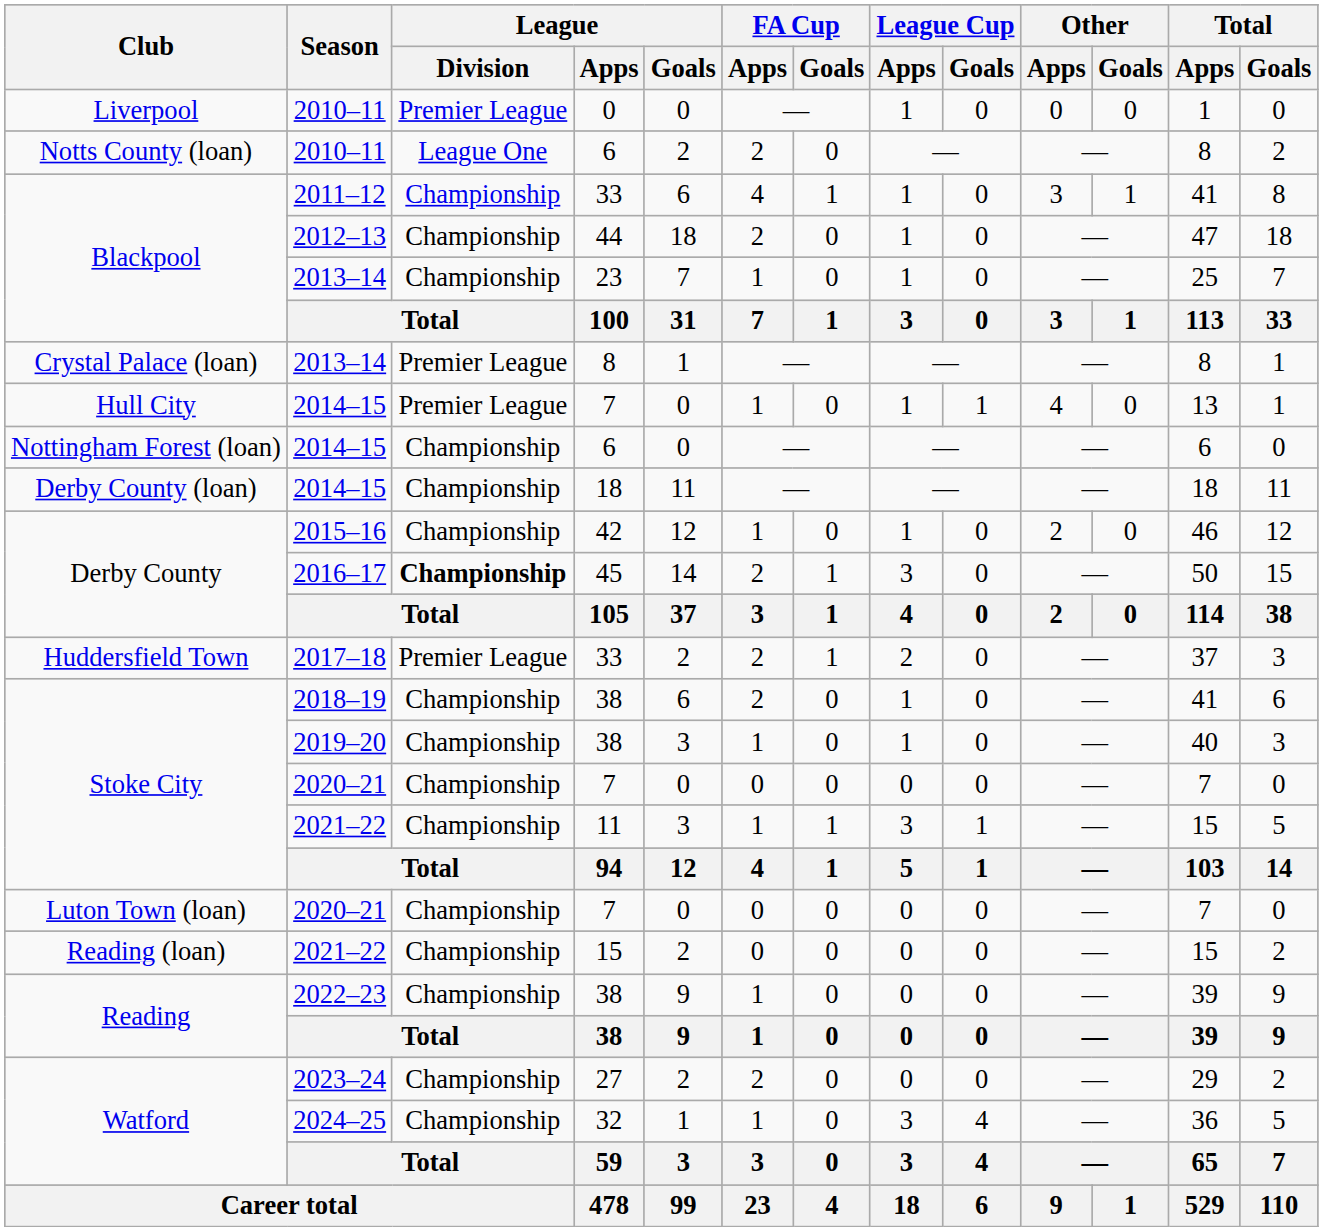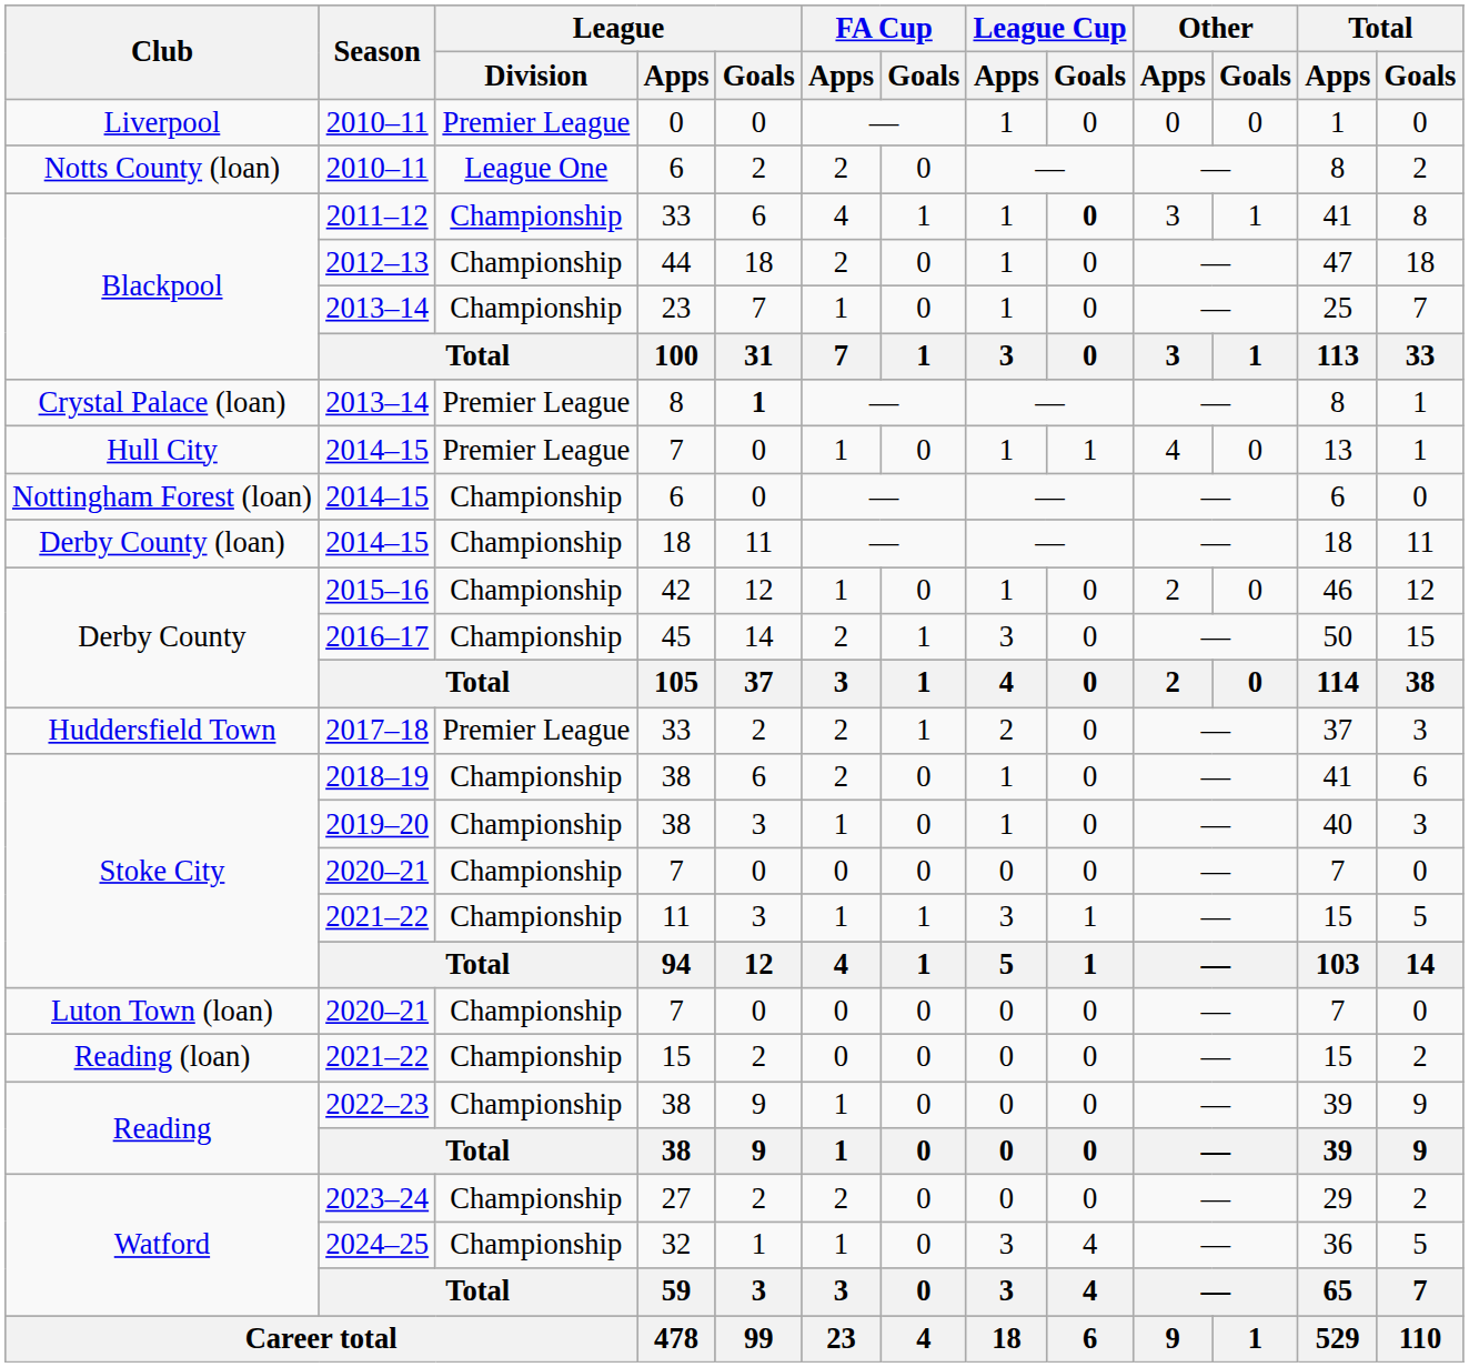 <table class=wikitable style=text-align:center>
 <tr>
 <th rowspan="2">Club</th>
 <th rowspan="2">Season</th>
 <th colspan="3">League</th>
 <th colspan="2"><a href='#'>FA Cup</a></th>
 <th colspan="2"><a href='#'>League Cup</a></th>
 <th colspan="2">Other</th>
 <th colspan="2">Total</th>
 </tr>
 <tr>
 <th>Division</th>
 <th>Apps</th>
 <th>Goals</th>
 <th>Apps</th>
 <th>Goals</th>
 <th>Apps</th>
 <th>Goals</th>
 <th>Apps</th>
 <th>Goals</th>
 <th>Apps</th>
 <th>Goals</th>
 </tr>
 <tr>
 <td><a href='#'>Liverpool</a></td>
 <td><a href='#'>2010–11</a></td>
 <td><a href='#'>Premier League</a></td>
 <td>0</td>
 <td>0</td>
 <td colspan="2">—</td>
 <td>1</td>
 <td>0</td>
 <td>0</td>
 <td>0</td>
 <td>1</td>
 <td>0</td>
 </tr>
 <tr>
 <td><a href='#'>Notts County</a> (loan)</td>
 <td><a href='#'>2010–11</a></td>
 <td><a href='#'>League One</a></td>
 <td>6</td>
 <td>2</td>
 <td>2</td>
 <td>0</td>
 <td colspan="2">—</td>
 <td colspan="2">—</td>
 <td>8</td>
 <td>2</td>
 </tr>
 <tr>
 <td rowspan="4"><a href='#'>Blackpool</a></td>
 <td><a href='#'>2011–12</a></td>
 <td><a href='#'>Championship</a></td>
 <td>33</td>
 <td>6</td>
 <td>4</td>
 <td>1</td>
 <td>1</td>
-<td>0</td>
+<td><strong>0</strong></td>
 <td>3</td>
 <td>1</td>
 <td>41</td>
 <td>8</td>
 </tr>
 <tr>
 <td><a href='#'>2012–13</a></td>
 <td>Championship</td>
 <td>44</td>
 <td>18</td>
 <td>2</td>
 <td>0</td>
 <td>1</td>
 <td>0</td>
 <td colspan="2">—</td>
 <td>47</td>
 <td>18</td>
 </tr>
 <tr>
 <td><a href='#'>2013–14</a></td>
 <td>Championship</td>
 <td>23</td>
 <td>7</td>
 <td>1</td>
 <td>0</td>
 <td>1</td>
 <td>0</td>
 <td colspan="2">—</td>
 <td>25</td>
 <td>7</td>
 </tr>
 <tr>
 <th colspan="2">Total</th>
 <th>100</th>
 <th>31</th>
 <th>7</th>
 <th>1</th>
 <th>3</th>
 <th>0</th>
 <th>3</th>
 <th>1</th>
 <th>113</th>
 <th>33</th>
 </tr>
 <tr>
 <td><a href='#'>Crystal Palace</a> (loan)</td>
 <td><a href='#'>2013–14</a></td>
 <td>Premier League</td>
 <td>8</td>
-<td>1</td>
+<td><strong>1</strong></td>
 <td colspan="2">—</td>
 <td colspan="2">—</td>
 <td colspan="2">—</td>
 <td>8</td>
 <td>1</td>
 </tr>
 <tr>
 <td><a href='#'>Hull City</a></td>
 <td><a href='#'>2014–15</a></td>
 <td>Premier League</td>
 <td>7</td>
 <td>0</td>
 <td>1</td>
 <td>0</td>
 <td>1</td>
 <td>1</td>
 <td>4</td>
 <td>0</td>
 <td>13</td>
 <td>1</td>
 </tr>
 <tr>
 <td><a href='#'>Nottingham Forest</a> (loan)</td>
 <td><a href='#'>2014–15</a></td>
 <td>Championship</td>
 <td>6</td>
 <td>0</td>
 <td colspan="2">—</td>
 <td colspan="2">—</td>
 <td colspan="2">—</td>
 <td>6</td>
 <td>0</td>
 </tr>
 <tr>
 <td><a href='#'>Derby County</a> (loan)</td>
 <td><a href='#'>2014–15</a></td>
 <td>Championship</td>
 <td>18</td>
 <td>11</td>
 <td colspan="2">—</td>
 <td colspan="2">—</td>
 <td colspan="2">—</td>
 <td>18</td>
 <td>11</td>
 </tr>
 <tr>
 <td rowspan="3">Derby County</td>
 <td><a href='#'>2015–16</a></td>
 <td>Championship</td>
 <td>42</td>
 <td>12</td>
 <td>1</td>
 <td>0</td>
 <td>1</td>
 <td>0</td>
 <td>2</td>
 <td>0</td>
 <td>46</td>
 <td>12</td>
 </tr>
 <tr>
 <td><a href='#'>2016–17</a></td>
-<td><strong>Championship</strong></td>
+<td>Championship</td>
 <td>45</td>
 <td>14</td>
 <td>2</td>
 <td>1</td>
 <td>3</td>
 <td>0</td>
 <td colspan="2">—</td>
 <td>50</td>
 <td>15</td>
 </tr>
 <tr>
 <th colspan="2">Total</th>
 <th>105</th>
 <th>37</th>
 <th>3</th>
 <th>1</th>
 <th>4</th>
 <th>0</th>
 <th>2</th>
 <th>0</th>
 <th>114</th>
 <th>38</th>
 </tr>
 <tr>
 <td><a href='#'>Huddersfield Town</a></td>
 <td><a href='#'>2017–18</a></td>
 <td>Premier League</td>
 <td>33</td>
 <td>2</td>
 <td>2</td>
 <td>1</td>
 <td>2</td>
 <td>0</td>
 <td colspan="2">—</td>
 <td>37</td>
 <td>3</td>
 </tr>
 <tr>
 <td rowspan=5><a href='#'>Stoke City</a></td>
 <td><a href='#'>2018–19</a></td>
 <td>Championship</td>
 <td>38</td>
 <td>6</td>
 <td>2</td>
 <td>0</td>
 <td>1</td>
 <td>0</td>
 <td colspan="2">—</td>
 <td>41</td>
 <td>6</td>
 </tr>
 <tr>
 <td><a href='#'>2019–20</a></td>
 <td>Championship</td>
 <td>38</td>
 <td>3</td>
 <td>1</td>
 <td>0</td>
 <td>1</td>
 <td>0</td>
 <td colspan="2">—</td>
 <td>40</td>
 <td>3</td>
 </tr>
 <tr>
 <td><a href='#'>2020–21</a></td>
 <td>Championship</td>
 <td>7</td>
 <td>0</td>
 <td>0</td>
 <td>0</td>
 <td>0</td>
 <td>0</td>
 <td colspan="2">—</td>
 <td>7</td>
 <td>0</td>
 </tr>
 <tr>
 <td><a href='#'>2021–22</a></td>
 <td>Championship</td>
 <td>11</td>
 <td>3</td>
 <td>1</td>
 <td>1</td>
 <td>3</td>
 <td>1</td>
 <td colspan="2">—</td>
 <td>15</td>
 <td>5</td>
 </tr>
 <tr>
 <th colspan="2">Total</th>
 <th>94</th>
 <th>12</th>
 <th>4</th>
 <th>1</th>
 <th>5</th>
 <th>1</th>
 <th colspan="2">—</th>
 <th>103</th>
 <th>14</th>
 </tr>
 <tr>
 <td><a href='#'>Luton Town</a> (loan)</td>
 <td><a href='#'>2020–21</a></td>
 <td>Championship</td>
 <td>7</td>
 <td>0</td>
 <td>0</td>
 <td>0</td>
 <td>0</td>
 <td>0</td>
 <td colspan="2">—</td>
 <td>7</td>
 <td>0</td>
 </tr>
 <tr>
 <td><a href='#'>Reading</a> (loan)</td>
 <td><a href='#'>2021–22</a></td>
 <td>Championship</td>
 <td>15</td>
 <td>2</td>
 <td>0</td>
 <td>0</td>
 <td>0</td>
 <td>0</td>
 <td colspan="2">—</td>
 <td>15</td>
 <td>2</td>
 </tr>
 <tr>
 <td rowspan=2><a href='#'>Reading</a></td>
 <td><a href='#'>2022–23</a></td>
 <td>Championship</td>
 <td>38</td>
 <td>9</td>
 <td>1</td>
 <td>0</td>
 <td>0</td>
 <td>0</td>
 <td colspan="2">—</td>
 <td>39</td>
 <td>9</td>
 </tr>
 <tr>
 <th colspan="2">Total</th>
 <th>38</th>
 <th>9</th>
 <th>1</th>
 <th>0</th>
 <th>0</th>
 <th>0</th>
 <th colspan="2">—</th>
 <th>39</th>
 <th>9</th>
 </tr>
 <tr>
 <td rowspan=3><a href='#'>Watford</a></td>
 <td><a href='#'>2023–24</a></td>
 <td>Championship</td>
 <td>27</td>
 <td>2</td>
 <td>2</td>
 <td>0</td>
 <td>0</td>
 <td>0</td>
 <td colspan="2">—</td>
 <td>29</td>
 <td>2</td>
 </tr>
 <tr>
 <td><a href='#'>2024–25</a></td>
 <td>Championship</td>
 <td>32</td>
 <td>1</td>
 <td>1</td>
 <td>0</td>
 <td>3</td>
 <td>4</td>
 <td colspan="2">—</td>
 <td>36</td>
 <td>5</td>
 </tr>
 <tr>
 <th colspan="2">Total</th>
 <th>59</th>
 <th>3</th>
 <th>3</th>
 <th>0</th>
 <th>3</th>
 <th>4</th>
 <th colspan="2">—</th>
 <th>65</th>
 <th>7</th>
 </tr>
 <tr>
 <th colspan="3">Career total</th>
 <th>478</th>
 <th>99</th>
 <th>23</th>
 <th>4</th>
 <th>18</th>
 <th>6</th>
 <th>9</th>
 <th>1</th>
 <th>529</th>
 <th>110</th>
 </tr>
 </table>
